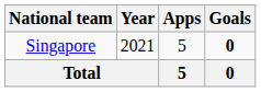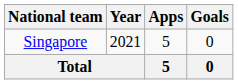 <table class="wikitable" style="text-align:center">
 <tr>
 <th>National team</th>
 <th>Year</th>
 <th>Apps</th>
 <th>Goals</th>
 </tr>
 <tr>
 <td><a href='#'>Singapore</a></td>
 <td>2021</td>
 <td>5</td>
-<td><strong>0</strong></td>
+<td>0</td>
 </tr>
 <tr>
 <th colspan="2">Total</th>
 <th>5</th>
 <th>0</th>
 </tr>
 </table>
